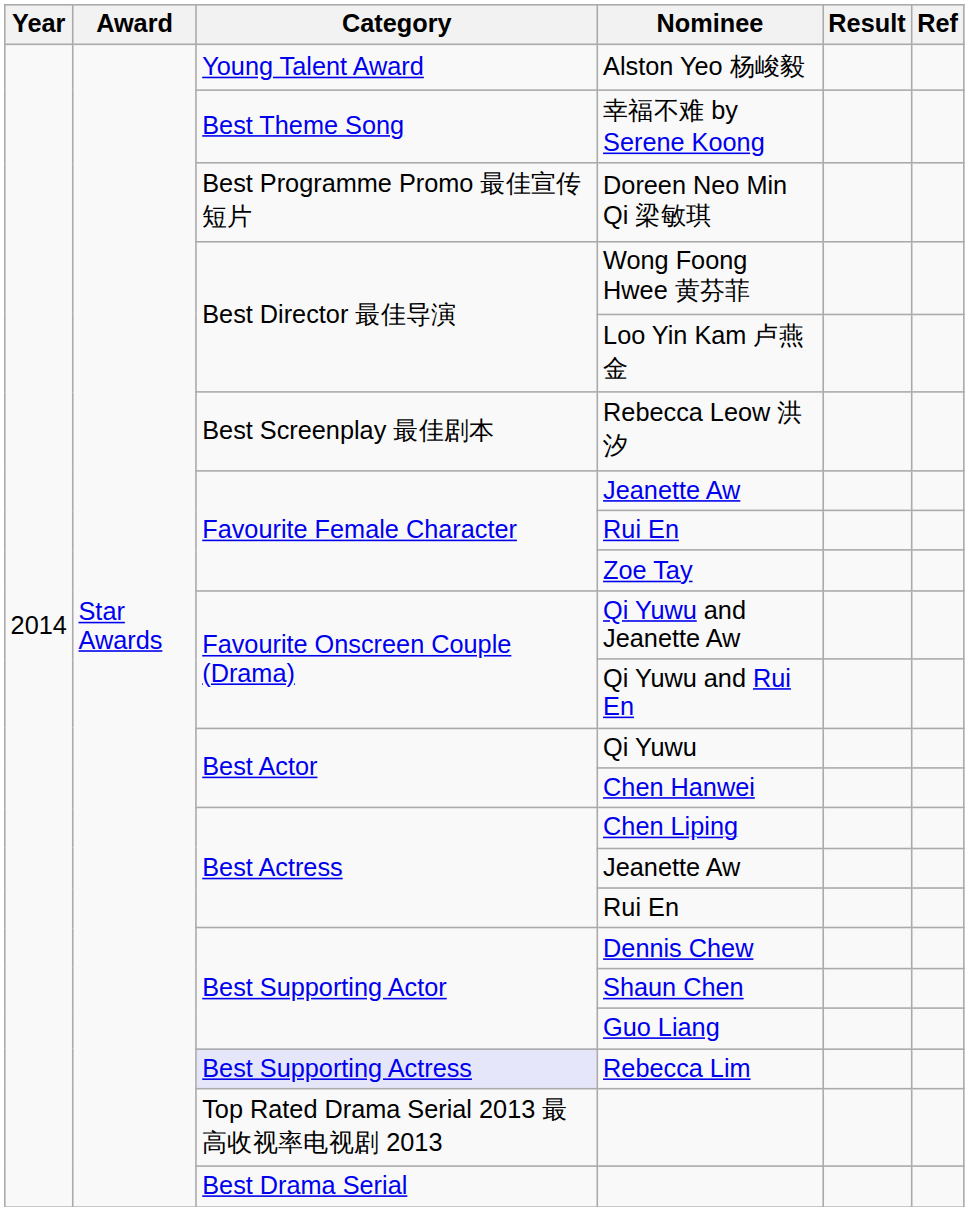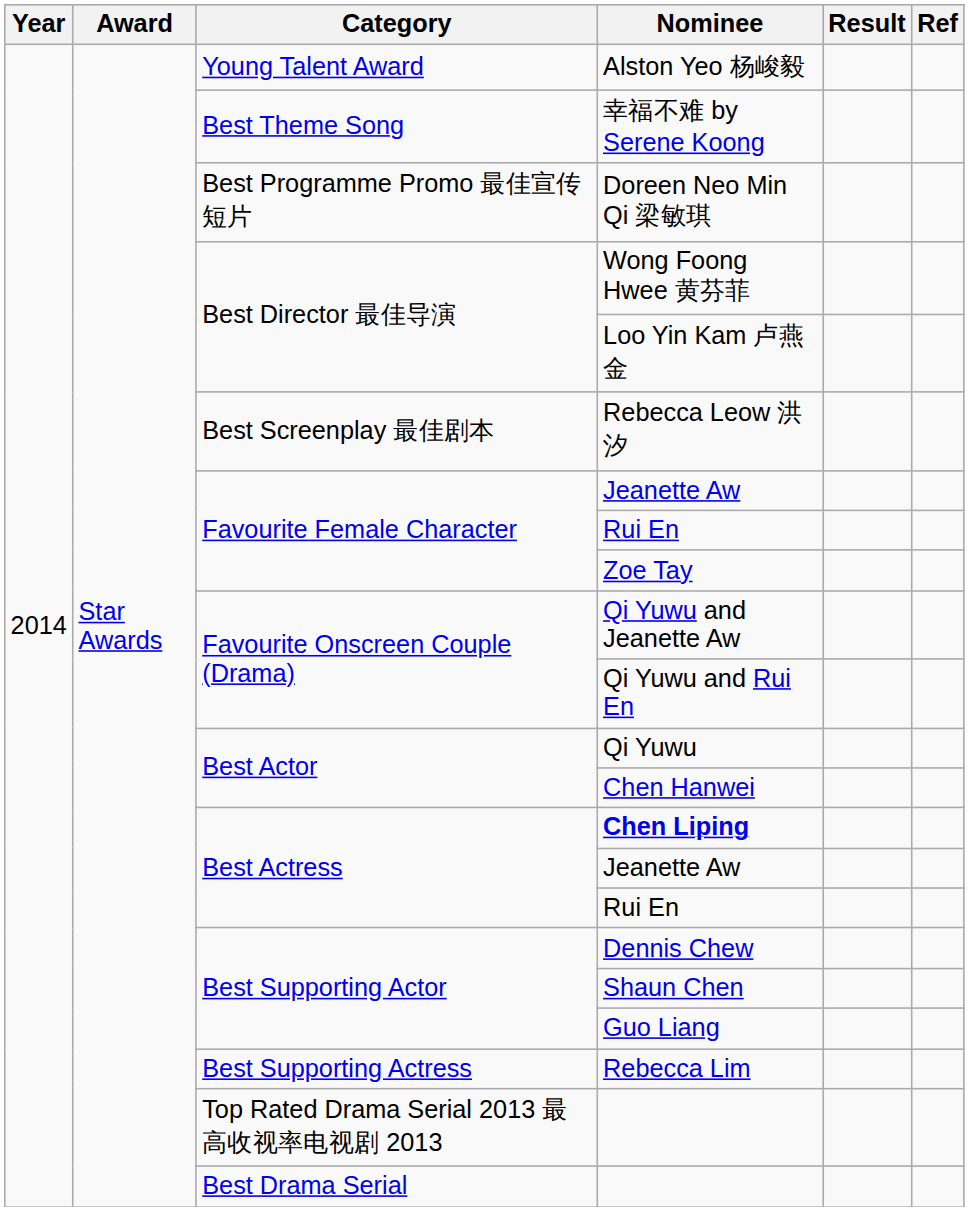 <table class="wikitable sortable">
 <tr>
 <th>Year</th>
 <th>Award</th>
 <th>Category</th>
 <th>Nominee</th>
 <th>Result</th>
 <th>Ref</th>
 </tr>
 <tr>
 <td rowspan="22">2014</td>
 <td rowspan="22"><a href='#'>Star Awards</a></td>
 <td><a href='#'>Young Talent Award</a></td>
 <td>Alston Yeo 杨峻毅</td>
 <td></td>
 <td></td>
 </tr>
 <tr>
 <td><a href='#'>Best Theme Song</a></td>
 <td>幸福不难 by <a href='#'>Serene Koong</a></td>
 <td></td>
 <td></td>
 </tr>
 <tr>
 <td>Best Programme Promo 最佳宣传短片</td>
 <td>Doreen Neo Min Qi 梁敏琪</td>
 <td></td>
 <td></td>
 </tr>
 <tr>
 <td rowspan="2">Best Director 最佳导演</td>
 <td>Wong Foong Hwee 黄芬菲</td>
 <td></td>
 <td></td>
 </tr>
 <tr>
 <td>Loo Yin Kam 卢燕金</td>
 <td></td>
 <td></td>
 </tr>
 <tr>
 <td>Best Screenplay 最佳剧本</td>
 <td>Rebecca Leow 洪汐</td>
 <td></td>
 <td></td>
 </tr>
 <tr>
 <td rowspan="3"><a href='#'>Favourite Female Character</a></td>
 <td><a href='#'>Jeanette Aw</a></td>
 <td></td>
 <td></td>
 </tr>
 <tr>
 <td><a href='#'>Rui En</a></td>
 <td></td>
 <td></td>
 </tr>
 <tr>
 <td><a href='#'>Zoe Tay</a></td>
 <td></td>
 <td></td>
 </tr>
 <tr>
 <td rowspan="2"><a href='#'>Favourite Onscreen Couple (Drama)</a></td>
 <td><a href='#'>Qi Yuwu</a> and Jeanette Aw</td>
 <td></td>
 <td></td>
 </tr>
 <tr>
 <td>Qi Yuwu and <a href='#'>Rui En</a></td>
 <td></td>
 <td></td>
 </tr>
 <tr>
 <td rowspan="2"><a href='#'>Best Actor</a></td>
 <td>Qi Yuwu</td>
 <td></td>
 <td></td>
 </tr>
 <tr>
 <td><a href='#'>Chen Hanwei</a></td>
 <td></td>
 <td></td>
 </tr>
 <tr>
 <td rowspan="3"><a href='#'>Best Actress</a></td>
-<td><a href='#'>Chen Liping</a></td>
+<td><strong><a href='#'>Chen Liping</a></strong></td>
 <td></td>
 <td></td>
 </tr>
 <tr>
 <td>Jeanette Aw</td>
 <td></td>
 <td></td>
 </tr>
 <tr>
 <td>Rui En</td>
 <td></td>
 <td></td>
 </tr>
 <tr>
 <td rowspan="3"><a href='#'>Best Supporting Actor</a></td>
 <td><a href='#'>Dennis Chew</a></td>
 <td></td>
 <td></td>
 </tr>
 <tr>
 <td><a href='#'>Shaun Chen</a></td>
 <td></td>
 <td></td>
 </tr>
 <tr>
 <td><a href='#'>Guo Liang</a></td>
 <td></td>
 <td></td>
 </tr>
 <tr>
-<td style="background: lavender;"><a href='#'>Best Supporting Actress</a></td>
+<td><a href='#'>Best Supporting Actress</a></td>
 <td><a href='#'>Rebecca Lim</a></td>
 <td></td>
 <td></td>
 </tr>
 <tr>
 <td>Top Rated Drama Serial 2013 最高收视率电视剧 2013</td>
 <td></td>
 <td></td>
 <td></td>
 </tr>
 <tr>
 <td><a href='#'>Best Drama Serial</a></td>
 <td></td>
 <td></td>
 <td></td>
 </tr>
 </table>
